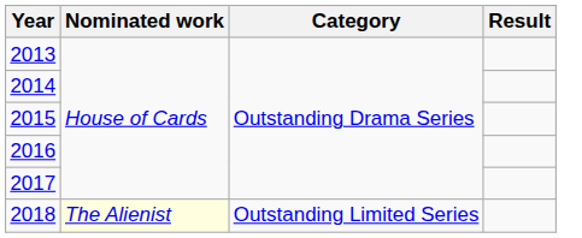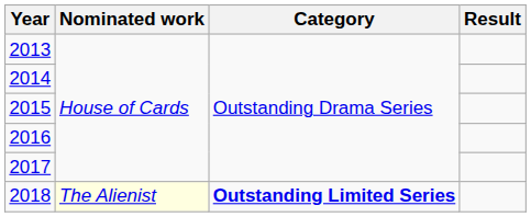 <table class="wikitable">
 <tr>
 <th>Year</th>
 <th>Nominated work</th>
 <th>Category</th>
 <th>Result</th>
 </tr>
 <tr>
 <td><a href='#'>2013</a></td>
 <td rowspan="5"><em><a href='#'>House of Cards</a></em></td>
 <td rowspan="5"><a href='#'>Outstanding Drama Series</a></td>
 <td></td>
 </tr>
 <tr>
 <td><a href='#'>2014</a></td>
 <td></td>
 </tr>
 <tr>
 <td><a href='#'>2015</a></td>
 <td></td>
 </tr>
 <tr>
 <td><a href='#'>2016</a></td>
 <td></td>
 </tr>
 <tr>
 <td><a href='#'>2017</a></td>
 <td></td>
 </tr>
 <tr>
 <td><a href='#'>2018</a></td>
 <td style="background: lightyellow;"><a href='#'><em>The Alienist</em></a></td>
-<td><a href='#'>Outstanding Limited Series</a></td>
+<td><strong><a href='#'>Outstanding Limited Series</a></strong></td>
 <td></td>
 </tr>
 </table>
